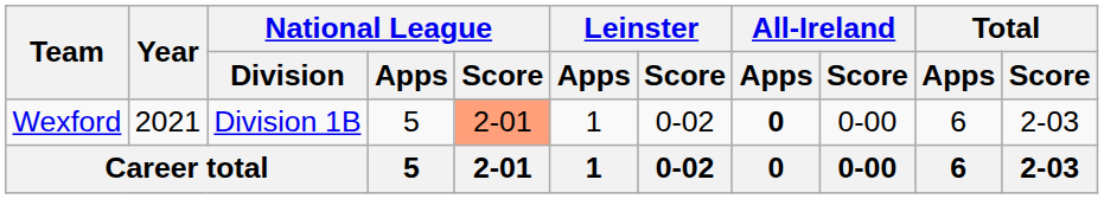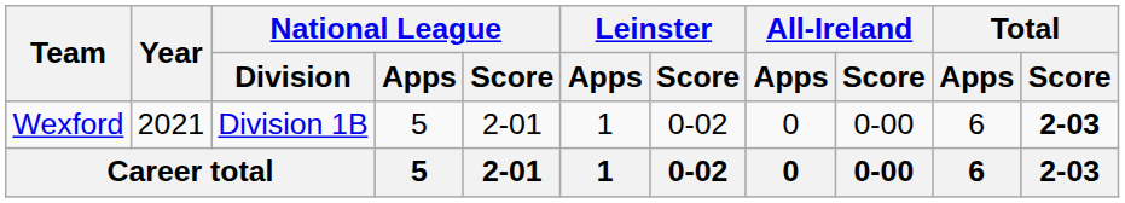 <table class="wikitable" style="text-align:center">
 <tr>
 <th rowspan="2">Team</th>
 <th rowspan="2">Year</th>
 <th colspan="3"><a href='#'>National League</a></th>
 <th colspan="2"><a href='#'>Leinster</a></th>
 <th colspan="2"><a href='#'>All-Ireland</a></th>
 <th colspan="2">Total</th>
 </tr>
 <tr>
 <th>Division</th>
 <th>Apps</th>
 <th>Score</th>
 <th>Apps</th>
 <th>Score</th>
 <th>Apps</th>
 <th>Score</th>
 <th>Apps</th>
 <th>Score</th>
 </tr>
 <tr>
 <td rowspan="1"><a href='#'>Wexford</a></td>
 <td>2021</td>
 <td rowspan="1"><a href='#'>Division 1B</a></td>
 <td>5</td>
-<td style="background: lightsalmon;">2-01</td>
+<td>2-01</td>
 <td>1</td>
 <td>0-02</td>
-<td><strong>0</strong></td>
+<td>0</td>
 <td>0-00</td>
 <td>6</td>
-<td>2-03</td>
+<td><strong>2-03</strong></td>
 </tr>
 <tr>
 <th colspan="3">Career total</th>
 <th>5</th>
 <th>2-01</th>
 <th>1</th>
 <th>0-02</th>
 <th>0</th>
 <th>0-00</th>
 <th>6</th>
 <th>2-03</th>
 </tr>
 </table>
